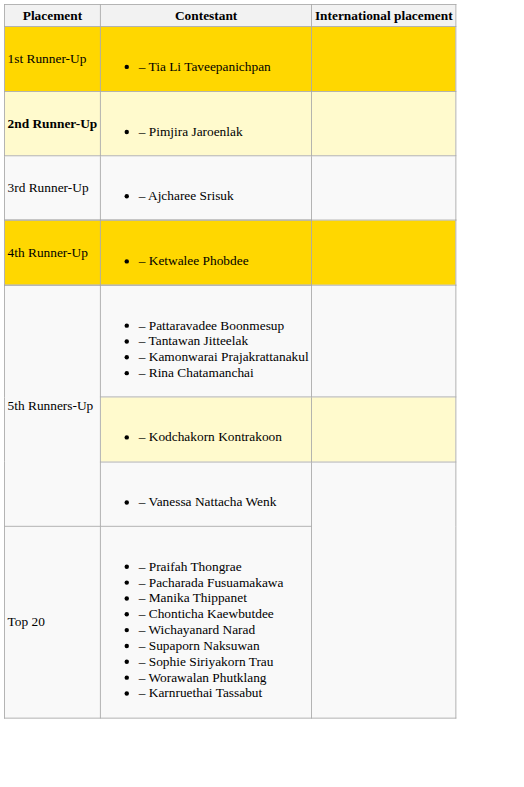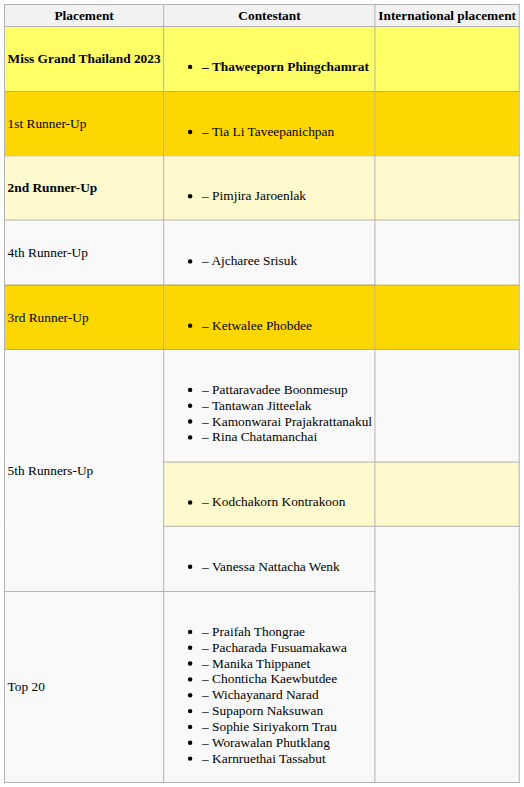 <table class="wikitable sortable" style="font-size: 95%;">
 <tr>
 <th>Placement</th>
 <th>Contestant</th>
 <th>International placement</th>
+</tr>
+<tr style="background-color:#FFFF66; : bold">
+<td><strong>Miss Grand Thailand 2023</strong></td>
+<td><br><ul><li><strong> – Thaweeporn Phingchamrat</strong></li></ul></td>
+<td></td>
 </tr>
 <tr style="background-color:gold;">
 <td>1st Runner-Up</td>
 <td><br><ul><li> – Tia Li Taveepanichpan</li></ul></td>
 <td></td>
 </tr>
 <tr style="background-color:#FFFACD;">
 <td><strong>2nd Runner-Up</strong></td>
 <td><br><ul><li> – Pimjira Jaroenlak</li></ul></td>
 <td></td>
 </tr>
 <tr>
-<td>3rd Runner-Up</td>
+<td>4th Runner-Up</td>
 <td><br><ul><li> – Ajcharee Srisuk</li></ul></td>
 </tr>
 <tr>
 </tr>
 <tr style="background-color:gold;">
-<td>4th Runner-Up</td>
+<td>3rd Runner-Up</td>
 <td><br><ul><li> – Ketwalee Phobdee</li></ul></td>
 <td></td>
 </tr>
 <tr style="background-color:gold; : bold">
 </tr>
 <tr>
 <td rowspan="3">5th Runners-Up</td>
 <td><br><ul><li> – Pattaravadee Boonmesup</li><li> – Tantawan Jitteelak</li><li> – Kamonwarai Prajakrattanakul</li><li> – Rina Chatamanchai</li></ul></td>
 </tr>
 <tr style="background-color:#FFFACD;">
 <td><br><ul><li> – Kodchakorn Kontrakoon</li></ul></td>
 <td></td>
 </tr>
 <tr>
 <td><br><ul><li> – Vanessa Nattacha Wenk</li></ul></td>
 </tr>
 <tr>
 <td>Top 20</td>
 <td><br><ul><li> – Praifah Thongrae</li><li> – Pacharada Fusuamakawa</li><li> – Manika Thippanet</li><li> – Chonticha Kaewbutdee</li><li> – Wichayanard Narad</li><li> – Supaporn Naksuwan</li><li> – Sophie Siriyakorn Trau</li><li> – Worawalan Phutklang</li><li> – Karnruethai Tassabut</li></ul></td>
 </tr>
 </table>
